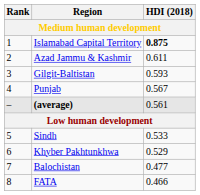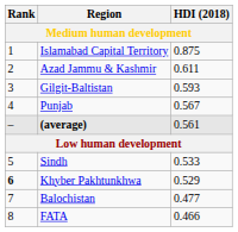 <table class="wikitable sortable">
 <tr>
 <th>Rank</th>
 <th>Region</th>
 <th>HDI (2018)</th>
 </tr>
 <tr>
 <th colspan="3" style="color:#fc0;">Medium human development</th>
 </tr>
 <tr>
 <td>1</td>
 <td><a href='#'>Islamabad Capital Territory</a></td>
-<td><strong>0.875 </strong></td>
+<td>0.875 </td>
 </tr>
 <tr>
 <td>2</td>
 <td><a href='#'>Azad Jammu & Kashmir</a></td>
 <td>0.611 </td>
 </tr>
 <tr>
 <td>3</td>
 <td><a href='#'>Gilgit-Baltistan</a></td>
 <td>0.593 </td>
 </tr>
 <tr>
 <td>4</td>
 <td><a href='#'>Punjab</a></td>
 <td>0.567 </td>
 </tr>
 <tr style="background:#e6e6e6">
 <td>–</td>
 <td> <strong>(average)</strong></td>
 <td>0.561 </td>
 </tr>
 <tr>
 <th colspan="3" style="color:#900;">Low human development</th>
 </tr>
 <tr>
 <td>5</td>
 <td><a href='#'>Sindh</a></td>
 <td>0.533 </td>
 </tr>
 <tr>
-<td>6</td>
+<td><strong>6</strong></td>
 <td><a href='#'>Khyber Pakhtunkhwa</a></td>
 <td>0.529 </td>
 </tr>
 <tr>
 <td>7</td>
 <td><a href='#'>Balochistan</a></td>
 <td>0.477 </td>
 </tr>
 <tr>
 <td>8</td>
 <td><a href='#'>FATA</a></td>
 <td>0.466 </td>
 </tr>
 </table>
